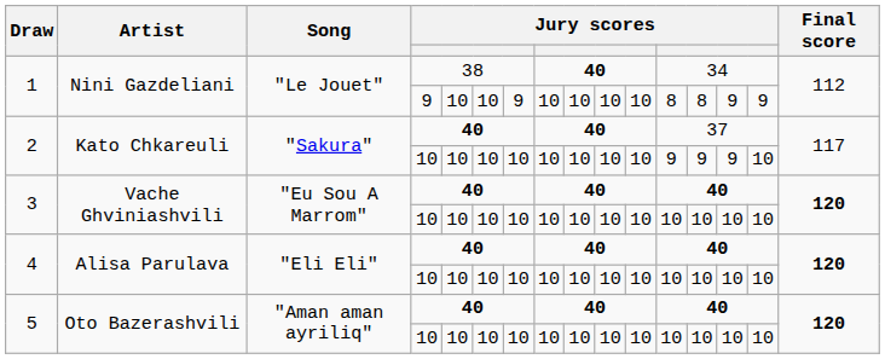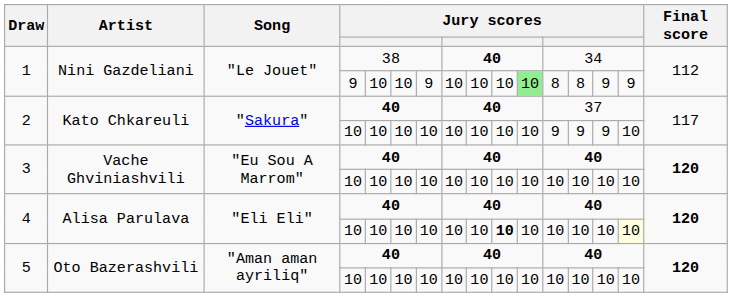 <table class="sortable wikitable" style="text-align:center;margin:1em auto 1em auto">
 <tr>
 <th rowspan="2" scope="col">Draw</th>
 <th rowspan="2" scope="col">Artist</th>
 <th rowspan="2" scope="col">Song</th>
 <th colspan="12" scope="col">Jury scores</th>
 <th rowspan="2" scope="col">Final score</th>
 </tr>
 <tr>
 <th colspan="4" class="unsortable" scope="col"><small></small></th>
 <th colspan="4" class="unsortable" scope="col"><small></small></th>
 <th colspan="4" class="unsortable" scope="col"><small></small></th>
 </tr>
 <tr>
 <td rowspan="2">1</td>
 <td rowspan="2">Nini Gazdeliani</td>
 <td rowspan="2">"Le Jouet"<br></td>
 <td colspan="4">38</td>
 <td colspan="4"><strong>40</strong></td>
 <td colspan="4">34</td>
 <td rowspan="2">112</td>
 </tr>
 <tr>
 <td>9</td>
 <td>10</td>
 <td>10</td>
 <td>9</td>
 <td>10</td>
 <td>10</td>
 <td>10</td>
-<td>10</td>
+<td style="background: lightgreen;">10</td>
 <td>8</td>
 <td>8</td>
 <td>9</td>
 <td>9</td>
 </tr>
 <tr>
 <td rowspan="2">2</td>
 <td rowspan="2">Kato Chkareuli</td>
 <td rowspan="2">"<a href='#'>Sakura</a>"<br></td>
 <td colspan="4"><strong>40</strong></td>
 <td colspan="4"><strong>40</strong></td>
 <td colspan="4">37</td>
 <td rowspan="2">117</td>
 </tr>
 <tr>
 <td>10</td>
 <td>10</td>
 <td>10</td>
 <td>10</td>
 <td>10</td>
 <td>10</td>
 <td>10</td>
 <td>10</td>
 <td>9</td>
 <td>9</td>
 <td>9</td>
 <td>10</td>
 </tr>
 <tr>
 <td rowspan="2">3</td>
 <td rowspan="2">Vache Ghviniashvili</td>
 <td rowspan="2">"Eu Sou A Marrom"<br></td>
 <td colspan="4"><strong>40</strong></td>
 <td colspan="4"><strong>40</strong></td>
 <td colspan="4"><strong>40</strong></td>
 <td rowspan="2"><strong>120</strong></td>
 </tr>
 <tr>
 <td>10</td>
 <td>10</td>
 <td>10</td>
 <td>10</td>
 <td>10</td>
 <td>10</td>
 <td>10</td>
 <td>10</td>
 <td>10</td>
 <td>10</td>
 <td>10</td>
 <td>10</td>
 </tr>
 <tr>
 <td rowspan="2">4</td>
 <td rowspan="2">Alisa Parulava</td>
 <td rowspan="2">"Eli Eli"<br></td>
 <td colspan="4"><strong>40</strong></td>
 <td colspan="4"><strong>40</strong></td>
 <td colspan="4"><strong>40</strong></td>
 <td rowspan="2"><strong>120</strong></td>
 </tr>
 <tr>
 <td>10</td>
 <td>10</td>
 <td>10</td>
 <td>10</td>
 <td>10</td>
 <td>10</td>
+<td><strong>10</strong></td>
 <td>10</td>
 <td>10</td>
 <td>10</td>
 <td>10</td>
-<td>10</td>
-<td>10</td>
+<td style="background: lightyellow;">10</td>
 </tr>
 <tr>
 <td rowspan="2">5</td>
 <td rowspan="2">Oto Bazerashvili</td>
 <td rowspan="2">"Aman aman ayriliq"<br></td>
 <td colspan="4"><strong>40</strong></td>
 <td colspan="4"><strong>40</strong></td>
 <td colspan="4"><strong>40</strong></td>
 <td rowspan="2"><strong>120</strong></td>
 </tr>
 <tr>
 <td>10</td>
 <td>10</td>
 <td>10</td>
 <td>10</td>
 <td>10</td>
 <td>10</td>
 <td>10</td>
 <td>10</td>
 <td>10</td>
 <td>10</td>
 <td>10</td>
 <td>10</td>
 </tr>
 </table>
